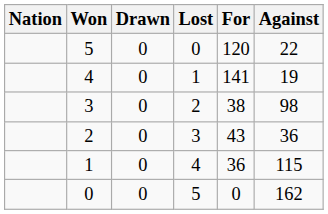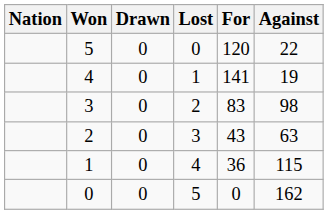 <table class="wikitable" style="text-align: center;">
 <tr>
 <th>Nation</th>
 <th>Won</th>
 <th>Drawn</th>
 <th>Lost</th>
 <th>For</th>
 <th>Against</th>
 </tr>
 <tr>
 <td align="left"></td>
 <td>5</td>
 <td>0</td>
 <td>0</td>
 <td>120</td>
 <td>22</td>
 </tr>
 <tr>
 <td align="left"></td>
 <td>4</td>
 <td>0</td>
 <td>1</td>
 <td>141</td>
 <td>19</td>
 </tr>
 <tr>
 <td align="left"></td>
 <td>3</td>
 <td>0</td>
 <td>2</td>
-<td>38</td>
+<td>83</td>
 <td>98</td>
 </tr>
 <tr>
 <td align="left"></td>
 <td>2</td>
 <td>0</td>
 <td>3</td>
 <td>43</td>
-<td>36</td>
+<td>63</td>
 </tr>
 <tr>
 <td align="left"></td>
 <td>1</td>
 <td>0</td>
 <td>4</td>
 <td>36</td>
 <td>115</td>
 </tr>
 <tr>
 <td align="left"></td>
 <td>0</td>
 <td>0</td>
 <td>5</td>
 <td>0</td>
 <td>162</td>
 </tr>
 </table>
